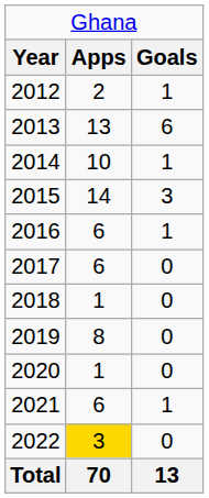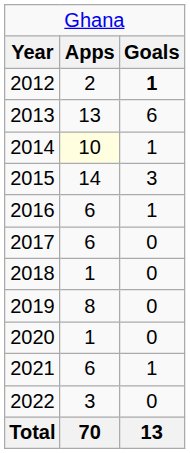 <table class="wikitable" style="text-align:center">
 <tr>
 <td colspan="3"><a href='#'>Ghana</a></td>
 </tr>
 <tr>
 <th>Year</th>
 <th>Apps</th>
 <th>Goals</th>
 </tr>
 <tr>
 <td>2012</td>
 <td>2</td>
-<td>1</td>
+<td><strong>1</strong></td>
 </tr>
 <tr>
 <td>2013</td>
 <td>13</td>
 <td>6</td>
 </tr>
 <tr>
 <td>2014</td>
-<td>10</td>
+<td style="background: lightyellow;">10</td>
 <td>1</td>
 </tr>
 <tr>
 <td>2015</td>
 <td>14</td>
 <td>3</td>
 </tr>
 <tr>
 <td>2016</td>
 <td>6</td>
 <td>1</td>
 </tr>
 <tr>
 <td>2017</td>
 <td>6</td>
 <td>0</td>
 </tr>
 <tr>
 <td>2018</td>
 <td>1</td>
 <td>0</td>
 </tr>
 <tr>
 <td>2019</td>
 <td>8</td>
 <td>0</td>
 </tr>
 <tr>
 <td>2020</td>
 <td>1</td>
 <td>0</td>
 </tr>
 <tr>
 <td>2021</td>
 <td>6</td>
 <td>1</td>
 </tr>
 <tr>
 <td>2022</td>
-<td style="background: gold;">3</td>
+<td>3</td>
 <td>0</td>
 </tr>
 <tr>
 <th>Total</th>
 <th>70</th>
 <th>13</th>
 </tr>
 </table>
